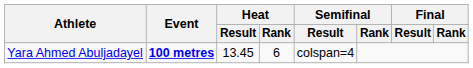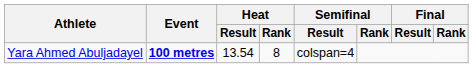 <table class="wikitable" style="font-size:90%">
 <tr>
 <th rowspan="2">Athlete</th>
 <th rowspan="2">Event</th>
 <th colspan="2">Heat</th>
 <th colspan="2">Semifinal</th>
 <th colspan="2">Final</th>
 </tr>
 <tr style="font-size:95%">
 <th>Result</th>
 <th>Rank</th>
 <th>Result</th>
 <th>Rank</th>
 <th>Result</th>
 <th>Rank</th>
 </tr>
 <tr align=center>
 <td align=left><a href='#'>Yara Ahmed Abuljadayel</a></td>
 <td align=left><strong><a href='#'>100 metres</a></strong></td>
-<td>13.45</td>
-<td>6</td>
+<td>13.54</td>
+<td>8</td>
 <td>colspan=4 </td>
 </tr>
 </table>
